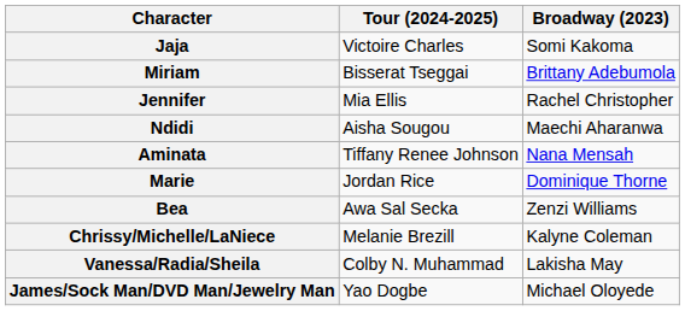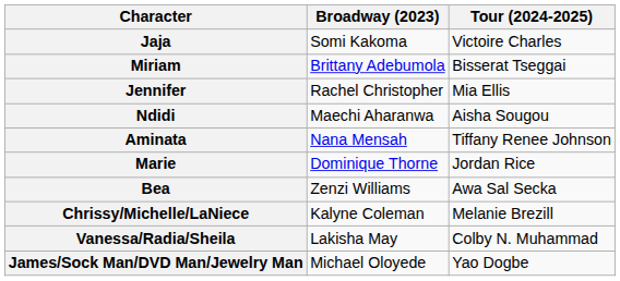 <table class="wikitable" text-align:center">
 <tr>
 <th scope="col">Character</th>
+<th>Broadway (2023)</th>
 <th>Tour (2024-2025)</th>
-<th>Broadway (2023)</th>
 </tr>
 <tr>
 <th>Jaja</th>
+<td colspan="1">Somi Kakoma</td>
 <td>Victoire Charles</td>
-<td colspan="1">Somi Kakoma</td>
 </tr>
 <tr>
 <th>Miriam</th>
+<td colspan="1”"><a href='#'>Brittany Adebumola</a></td>
 <td>Bisserat Tseggai</td>
-<td colspan="1”"><a href='#'>Brittany Adebumola</a></td>
 </tr>
 <tr>
 <th>Jennifer</th>
+<td colspan="1”">Rachel Christopher</td>
 <td>Mia Ellis</td>
-<td colspan="1”">Rachel Christopher</td>
 </tr>
 <tr>
 <th>Ndidi</th>
+<td colspan="1">Maechi Aharanwa</td>
 <td>Aisha Sougou</td>
-<td colspan="1">Maechi Aharanwa</td>
 </tr>
 <tr>
 <th>Aminata</th>
+<td colspan="1"><a href='#'>Nana Mensah</a></td>
 <td>Tiffany Renee Johnson</td>
-<td colspan="1"><a href='#'>Nana Mensah</a></td>
 </tr>
 <tr>
 <th>Marie</th>
+<td colspan="1"><a href='#'>Dominique Thorne</a></td>
 <td>Jordan Rice</td>
-<td colspan="1"><a href='#'>Dominique Thorne</a></td>
 </tr>
 <tr>
 <th>Bea</th>
+<td colspan="1">Zenzi Williams</td>
 <td>Awa Sal Secka</td>
-<td colspan="1">Zenzi Williams</td>
 </tr>
 <tr>
 <th>Chrissy/Michelle/LaNiece</th>
+<td colspan="1">Kalyne Coleman</td>
 <td>Melanie Brezill</td>
-<td colspan="1">Kalyne Coleman</td>
 </tr>
 <tr>
 <th>Vanessa/Radia/Sheila</th>
+<td>Lakisha May</td>
 <td>Colby N. Muhammad</td>
-<td>Lakisha May</td>
 </tr>
 <tr>
 <th>James/Sock Man/DVD Man/Jewelry Man</th>
+<td colspan="1">Michael Oloyede</td>
 <td>Yao Dogbe</td>
-<td colspan="1">Michael Oloyede</td>
 </tr>
 </table>
